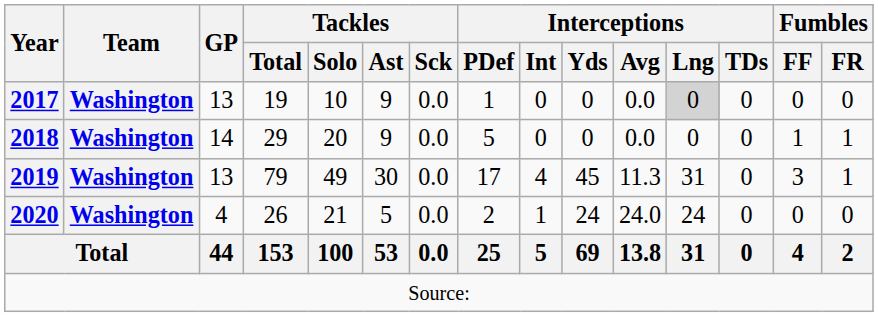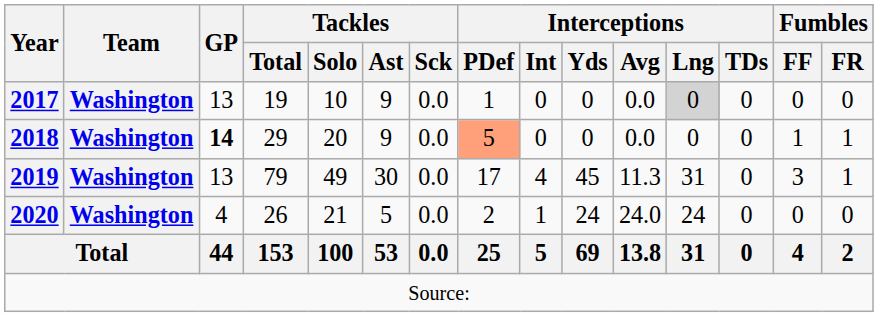 <table class="wikitable" style="text-align: center;">
 <tr>
 <th rowspan="2">Year</th>
 <th rowspan="2">Team</th>
 <th rowspan="2">GP</th>
 <th colspan="4">Tackles</th>
 <th colspan="6">Interceptions</th>
 <th colspan="2">Fumbles</th>
 </tr>
 <tr>
 <th>Total</th>
 <th>Solo</th>
 <th>Ast</th>
 <th>Sck</th>
 <th>PDef</th>
 <th>Int</th>
 <th>Yds</th>
 <th>Avg</th>
 <th>Lng</th>
 <th>TDs</th>
 <th>FF</th>
 <th>FR</th>
 </tr>
 <tr>
 <th><a href='#'>2017</a></th>
 <th><a href='#'>Washington</a></th>
 <td>13</td>
 <td>19</td>
 <td>10</td>
 <td>9</td>
 <td>0.0</td>
 <td>1</td>
 <td>0</td>
 <td>0</td>
 <td>0.0</td>
 <td style="background: lightgrey;">0</td>
 <td>0</td>
 <td>0</td>
 <td>0</td>
 </tr>
 <tr>
 <th><a href='#'>2018</a></th>
 <th><a href='#'>Washington</a></th>
-<td>14</td>
+<td><strong>14</strong></td>
 <td>29</td>
 <td>20</td>
 <td>9</td>
 <td>0.0</td>
-<td>5</td>
+<td style="background: lightsalmon;">5</td>
 <td>0</td>
 <td>0</td>
 <td>0.0</td>
 <td>0</td>
 <td>0</td>
 <td>1</td>
 <td>1</td>
 </tr>
 <tr>
 <th><a href='#'>2019</a></th>
 <th><a href='#'>Washington</a></th>
 <td>13</td>
 <td>79</td>
 <td>49</td>
 <td>30</td>
 <td>0.0</td>
 <td>17</td>
 <td>4</td>
 <td>45</td>
 <td>11.3</td>
 <td>31</td>
 <td>0</td>
 <td>3</td>
 <td>1</td>
 </tr>
 <tr>
 <th><a href='#'>2020</a></th>
 <th><a href='#'>Washington</a></th>
 <td>4</td>
 <td>26</td>
 <td>21</td>
 <td>5</td>
 <td>0.0</td>
 <td>2</td>
 <td>1</td>
 <td>24</td>
 <td>24.0</td>
 <td>24</td>
 <td>0</td>
 <td>0</td>
 <td>0</td>
 </tr>
 <tr>
 <th colspan="2">Total</th>
 <th>44</th>
 <th>153</th>
 <th>100</th>
 <th>53</th>
 <th>0.0</th>
 <th>25</th>
 <th>5</th>
 <th>69</th>
 <th>13.8</th>
 <th>31</th>
 <th>0</th>
 <th>4</th>
 <th>2</th>
 </tr>
 <tr>
 <td colspan="15"><small>Source: </small></td>
 </tr>
 </table>
